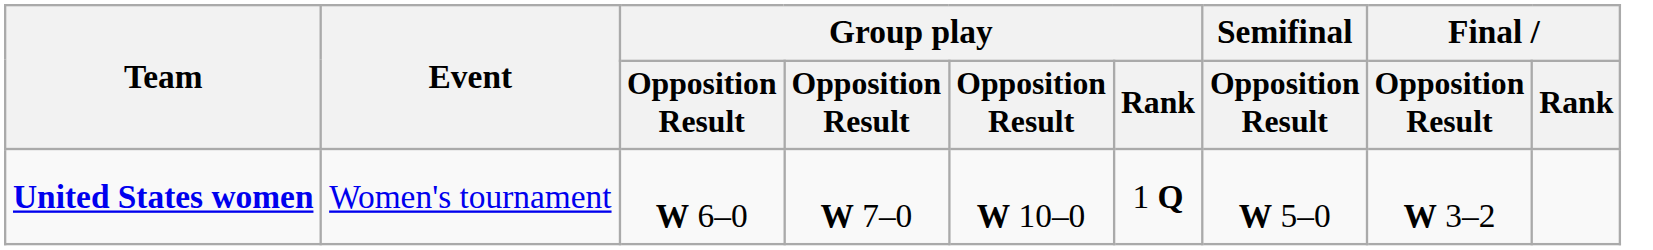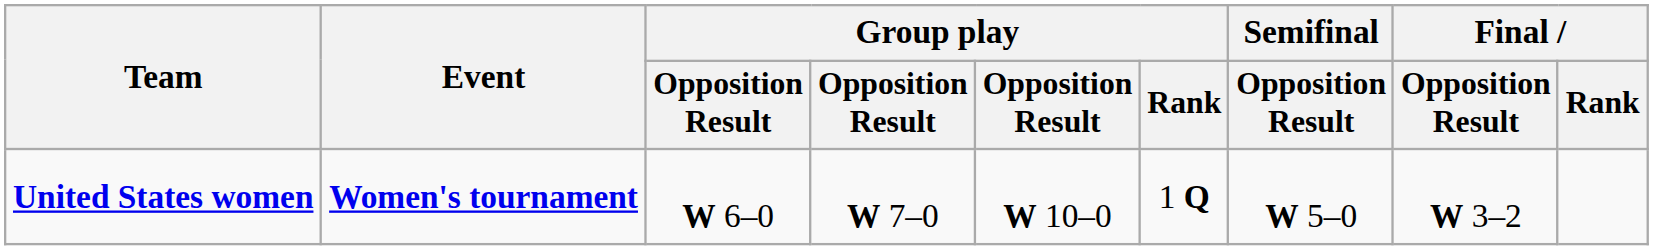 <table class=wikitable style=font-size:90%;text-align:center>
 <tr>
 <th rowspan=2>Team</th>
 <th rowspan=2>Event</th>
 <th colspan=4>Group play</th>
 <th>Semifinal</th>
 <th colspan=2>Final / </th>
 </tr>
 <tr style=font-size:95%>
 <th>Opposition<br>Result</th>
 <th>Opposition<br>Result</th>
 <th>Opposition<br>Result</th>
 <th>Rank</th>
 <th>Opposition<br>Result</th>
 <th>Opposition<br>Result</th>
 <th>Rank</th>
 </tr>
 <tr>
 <td align=left><strong><a href='#'>United States women</a></strong></td>
-<td align=left><a href='#'>Women's tournament</a></td>
+<td align=left><strong><a href='#'>Women's tournament</a></strong></td>
 <td><br><strong>W</strong> 6–0</td>
 <td><br><strong>W</strong> 7–0</td>
 <td><br><strong>W</strong> 10–0</td>
 <td>1 <strong>Q</strong></td>
 <td><br><strong>W</strong> 5–0</td>
 <td><br><strong>W</strong> 3–2</td>
 <td></td>
 </tr>
 </table>
